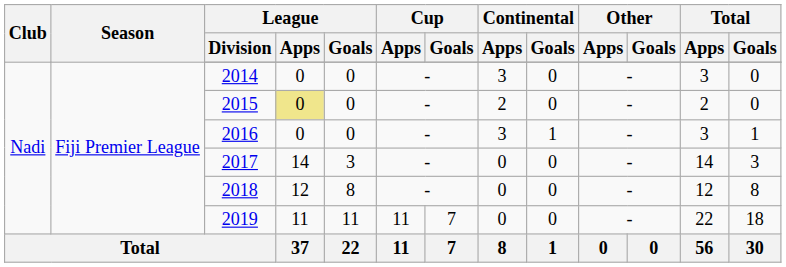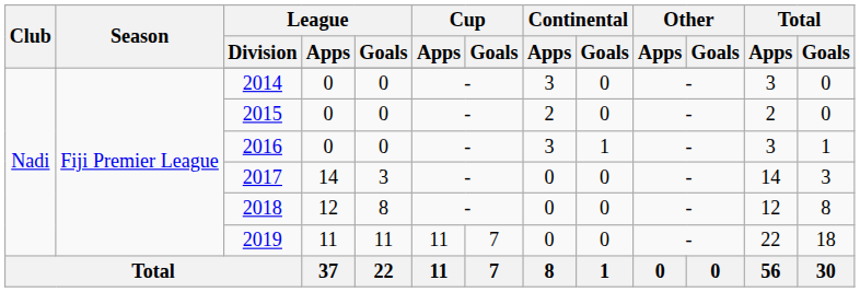 <table class="wikitable" style="text-align: center;">
 <tr>
 <th rowspan="2">Club</th>
 <th rowspan="2">Season</th>
 <th colspan="3">League</th>
 <th colspan="2">Cup</th>
 <th colspan="2">Continental</th>
 <th colspan="2">Other</th>
 <th colspan="2">Total</th>
 </tr>
 <tr>
 <th>Division</th>
 <th>Apps</th>
 <th>Goals</th>
 <th>Apps</th>
 <th>Goals</th>
 <th>Apps</th>
 <th>Goals</th>
 <th>Apps</th>
 <th>Goals</th>
 <th>Apps</th>
 <th>Goals</th>
 </tr>
 <tr>
 <td rowspan="7"><a href='#'>Nadi</a></td>
 <td rowspan="7"><a href='#'>Fiji Premier League</a></td>
 </tr>
 <tr>
 <td><a href='#'>2014</a></td>
 <td>0</td>
 <td>0</td>
 <td colspan="2">-</td>
 <td>3</td>
 <td>0</td>
 <td colspan="2">-</td>
 <td>3</td>
 <td>0</td>
 </tr>
 <tr>
 <td><a href='#'>2015</a></td>
-<td style="background: khaki;">0</td>
+<td>0</td>
 <td>0</td>
 <td colspan="2">-</td>
 <td>2</td>
 <td>0</td>
 <td colspan="2">-</td>
 <td>2</td>
 <td>0</td>
 </tr>
 <tr>
 <td><a href='#'>2016</a></td>
 <td>0</td>
 <td>0</td>
 <td colspan="2">-</td>
 <td>3</td>
 <td>1</td>
 <td colspan="2">-</td>
 <td>3</td>
 <td>1</td>
 </tr>
 <tr>
 <td><a href='#'>2017</a></td>
 <td>14</td>
 <td>3</td>
 <td colspan="2">-</td>
 <td>0</td>
 <td>0</td>
 <td colspan="2">-</td>
 <td>14</td>
 <td>3</td>
 </tr>
 <tr>
 <td><a href='#'>2018</a></td>
 <td>12</td>
 <td>8</td>
 <td colspan="2">-</td>
 <td>0</td>
 <td>0</td>
 <td colspan="2">-</td>
 <td>12</td>
 <td>8</td>
 </tr>
 <tr>
 <td><a href='#'>2019</a></td>
 <td>11</td>
 <td>11</td>
 <td>11</td>
 <td>7</td>
 <td>0</td>
 <td>0</td>
 <td colspan="2">-</td>
 <td>22</td>
 <td>18</td>
 </tr>
 <tr>
 <th colspan="3">Total</th>
 <th>37</th>
 <th>22</th>
 <th>11</th>
 <th>7</th>
 <th>8</th>
 <th>1</th>
 <th>0</th>
 <th>0</th>
 <th>56</th>
 <th>30</th>
 </tr>
 </table>
